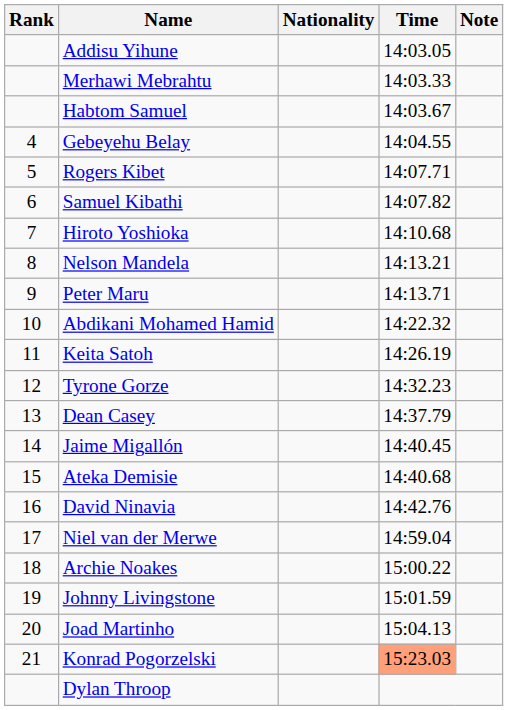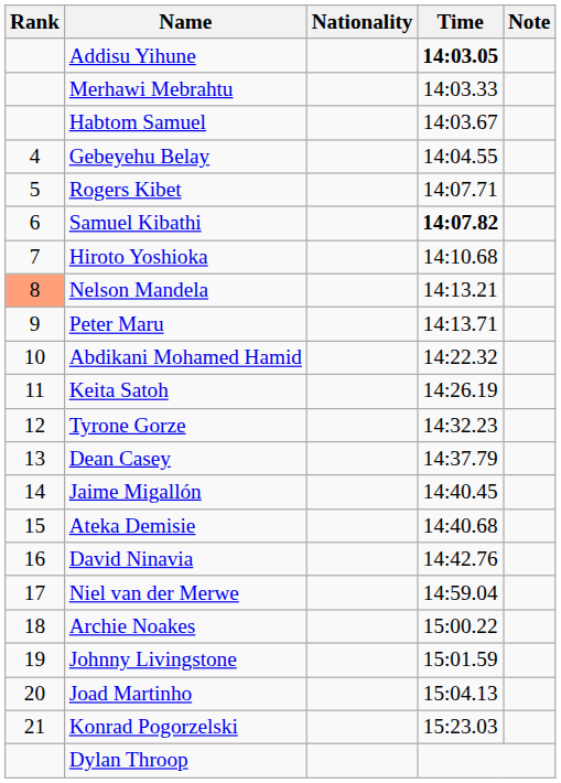 <table class="wikitable sortable" style="text-align:center">
 <tr>
 <th>Rank</th>
 <th>Name</th>
 <th>Nationality</th>
 <th>Time</th>
 <th>Note</th>
 </tr>
 <tr>
 <td></td>
 <td align=left><a href='#'>Addisu Yihune</a></td>
 <td align=left></td>
-<td>14:03.05</td>
+<td><strong>14:03.05</strong></td>
 <td></td>
 </tr>
 <tr>
 <td></td>
 <td align=left><a href='#'>Merhawi Mebrahtu</a></td>
 <td align=left></td>
 <td>14:03.33</td>
 <td></td>
 </tr>
 <tr>
 <td></td>
 <td align=left><a href='#'>Habtom Samuel</a></td>
 <td align=left></td>
 <td>14:03.67</td>
 <td></td>
 </tr>
 <tr>
 <td>4</td>
 <td align=left><a href='#'>Gebeyehu Belay</a></td>
 <td align=left></td>
 <td>14:04.55</td>
 <td></td>
 </tr>
 <tr>
 <td>5</td>
 <td align=left><a href='#'>Rogers Kibet</a></td>
 <td align=left></td>
 <td>14:07.71</td>
 <td></td>
 </tr>
 <tr>
 <td>6</td>
 <td align=left><a href='#'>Samuel Kibathi</a></td>
 <td align=left></td>
-<td>14:07.82</td>
+<td><strong>14:07.82</strong></td>
 <td></td>
 </tr>
 <tr>
 <td>7</td>
 <td align=left><a href='#'>Hiroto Yoshioka</a></td>
 <td align=left></td>
 <td>14:10.68</td>
 <td></td>
 </tr>
 <tr>
-<td>8</td>
+<td style="background: lightsalmon;">8</td>
 <td align=left><a href='#'>Nelson Mandela</a></td>
 <td align=left></td>
 <td>14:13.21</td>
 <td></td>
 </tr>
 <tr>
 <td>9</td>
 <td align=left><a href='#'>Peter Maru</a></td>
 <td align=left></td>
 <td>14:13.71</td>
 <td></td>
 </tr>
 <tr>
 <td>10</td>
 <td align=left><a href='#'>Abdikani Mohamed Hamid</a></td>
 <td align=left></td>
 <td>14:22.32</td>
 <td></td>
 </tr>
 <tr>
 <td>11</td>
 <td align=left><a href='#'>Keita Satoh</a></td>
 <td align=left></td>
 <td>14:26.19</td>
 <td></td>
 </tr>
 <tr>
 <td>12</td>
 <td align=left><a href='#'>Tyrone Gorze</a></td>
 <td align=left></td>
 <td>14:32.23</td>
 <td></td>
 </tr>
 <tr>
 <td>13</td>
 <td align=left><a href='#'>Dean Casey</a></td>
 <td align=left></td>
 <td>14:37.79</td>
 <td></td>
 </tr>
 <tr>
 <td>14</td>
 <td align=left><a href='#'>Jaime Migallón</a></td>
 <td align=left></td>
 <td>14:40.45</td>
 <td></td>
 </tr>
 <tr>
 <td>15</td>
 <td align=left><a href='#'>Ateka Demisie</a></td>
 <td align=left></td>
 <td>14:40.68</td>
 <td></td>
 </tr>
 <tr>
 <td>16</td>
 <td align=left><a href='#'>David Ninavia</a></td>
 <td align=left></td>
 <td>14:42.76</td>
 <td></td>
 </tr>
 <tr>
 <td>17</td>
 <td align=left><a href='#'>Niel van der Merwe</a></td>
 <td align=left></td>
 <td>14:59.04</td>
 <td></td>
 </tr>
 <tr>
 <td>18</td>
 <td align=left><a href='#'>Archie Noakes</a></td>
 <td align=left></td>
 <td>15:00.22</td>
 <td></td>
 </tr>
 <tr>
 <td>19</td>
 <td align=left><a href='#'>Johnny Livingstone</a></td>
 <td align=left></td>
 <td>15:01.59</td>
 <td></td>
 </tr>
 <tr>
 <td>20</td>
 <td align=left><a href='#'>Joad Martinho</a></td>
 <td align=left></td>
 <td>15:04.13</td>
 <td></td>
 </tr>
 <tr>
 <td>21</td>
 <td align=left><a href='#'>Konrad Pogorzelski</a></td>
 <td align=left></td>
-<td style="background: lightsalmon;">15:23.03</td>
+<td>15:23.03</td>
 <td></td>
 </tr>
 <tr>
 <td></td>
 <td align=left><a href='#'>Dylan Throop</a></td>
 <td align=left></td>
 <td colspan=2></td>
 </tr>
 </table>
